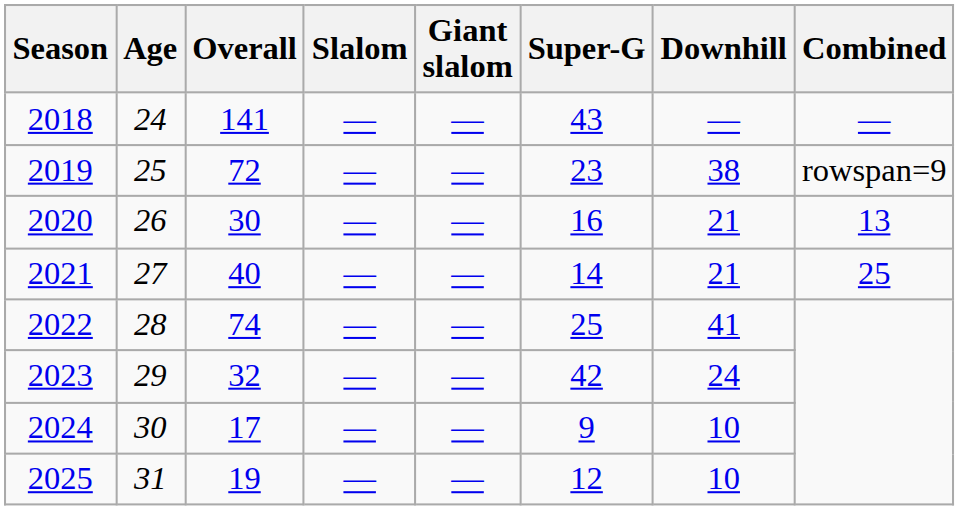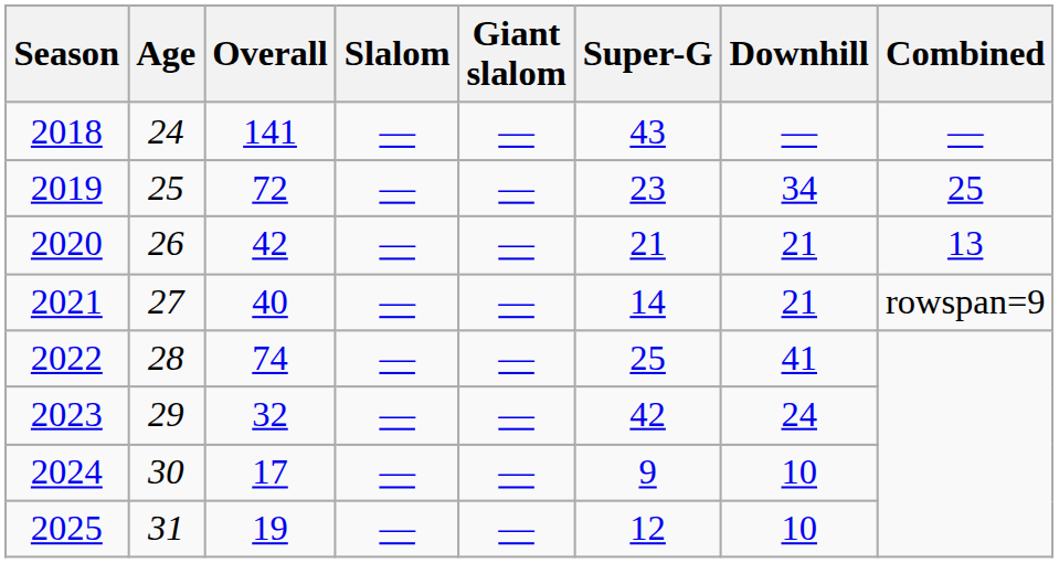 <table class=wikitable style="text-align:center">
 <tr>
 <th>Season</th>
 <th>Age</th>
 <th>Overall</th>
 <th>Slalom</th>
 <th>Giant<br>slalom</th>
 <th>Super-G</th>
 <th>Downhill</th>
 <th>Combined</th>
 </tr>
 <tr>
 <td><a href='#'>2018</a></td>
 <td><em>24</em></td>
 <td><a href='#'>141</a></td>
 <td><a href='#'>—</a></td>
 <td><a href='#'>—</a></td>
 <td><a href='#'>43</a></td>
 <td><a href='#'>—</a></td>
 <td><a href='#'>—</a></td>
 </tr>
 <tr>
 <td><a href='#'>2019</a></td>
 <td><em>25</em></td>
 <td><a href='#'>72</a></td>
 <td><a href='#'>—</a></td>
 <td><a href='#'>—</a></td>
 <td><a href='#'>23</a></td>
-<td><a href='#'>38</a></td>
-<td>rowspan=9 </td>
+<td><a href='#'>34</a></td>
+<td><a href='#'>25</a></td>
 </tr>
 <tr>
 <td><a href='#'>2020</a></td>
 <td><em>26</em></td>
-<td><a href='#'>30</a></td>
+<td><a href='#'>42</a></td>
 <td><a href='#'>—</a></td>
 <td><a href='#'>—</a></td>
-<td><a href='#'>16</a></td>
+<td><a href='#'>21</a></td>
 <td><a href='#'>21</a></td>
 <td><a href='#'>13</a></td>
 </tr>
 <tr>
 <td><a href='#'>2021</a></td>
 <td><em>27</em></td>
 <td><a href='#'>40</a></td>
 <td><a href='#'>—</a></td>
 <td><a href='#'>—</a></td>
 <td><a href='#'>14</a></td>
 <td><a href='#'>21</a></td>
-<td><a href='#'>25</a></td>
+<td>rowspan=9 </td>
 </tr>
 <tr>
 <td><a href='#'>2022</a></td>
 <td><em>28</em></td>
 <td><a href='#'>74</a></td>
 <td><a href='#'>—</a></td>
 <td><a href='#'>—</a></td>
 <td><a href='#'>25</a></td>
 <td><a href='#'>41</a></td>
 </tr>
 <tr>
 <td><a href='#'>2023</a></td>
 <td><em>29</em></td>
 <td><a href='#'>32</a></td>
 <td><a href='#'>—</a></td>
 <td><a href='#'>—</a></td>
 <td><a href='#'>42</a></td>
 <td><a href='#'>24</a></td>
 </tr>
 <tr>
 <td><a href='#'>2024</a></td>
 <td><em>30</em></td>
 <td><a href='#'>17</a></td>
 <td><a href='#'>—</a></td>
 <td><a href='#'>—</a></td>
 <td><a href='#'>9</a></td>
 <td><a href='#'>10</a></td>
 </tr>
 <tr>
 <td><a href='#'>2025</a></td>
 <td><em>31</em></td>
 <td><a href='#'>19</a></td>
 <td><a href='#'>—</a></td>
 <td><a href='#'>—</a></td>
 <td><a href='#'>12</a></td>
 <td><a href='#'>10</a></td>
 </tr>
 </table>
